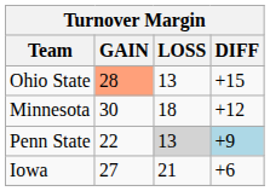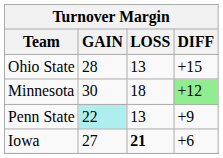 <table class="wikitable">
 <tr>
 <th colspan="7" align="center">Turnover Margin</th>
 </tr>
 <tr>
 <th>Team</th>
 <th>GAIN</th>
 <th>LOSS</th>
 <th>DIFF</th>
 </tr>
 <tr>
 <td>Ohio State</td>
-<td style="background: lightsalmon;">28</td>
+<td>28</td>
 <td>13</td>
 <td>+15</td>
 </tr>
 <tr>
 <td>Minnesota</td>
 <td>30</td>
 <td>18</td>
-<td>+12</td>
+<td style="background: lightgreen;">+12</td>
 </tr>
 <tr>
 <td>Penn State</td>
-<td>22</td>
-<td style="background: lightgrey;">13</td>
-<td style="background: lightblue;">+9</td>
+<td style="background: paleturquoise;">22</td>
+<td>13</td>
+<td>+9</td>
 </tr>
 <tr>
 <td>Iowa</td>
 <td>27</td>
-<td>21</td>
+<td><strong>21</strong></td>
 <td>+6</td>
 </tr>
 <tr>
 </tr>
 </table>
